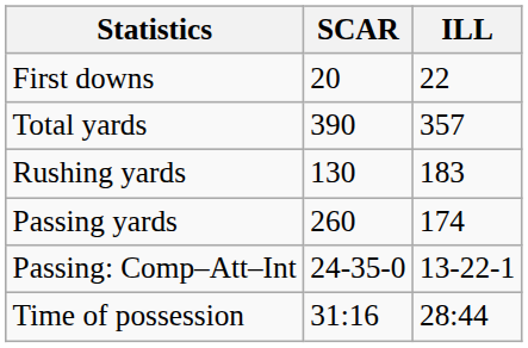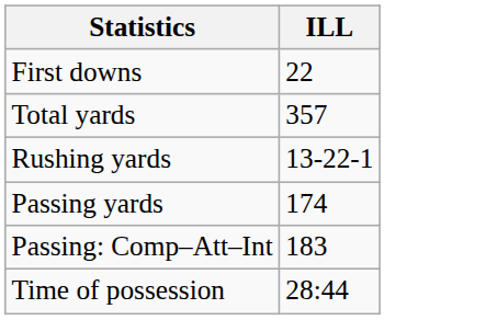 <table class="wikitable" style="float: left;">
 <tr>
 <th>Statistics</th>
-<th>SCAR</th>
 <th>ILL</th>
 </tr>
 <tr>
 <td>First downs</td>
-<td>20</td>
 <td>22</td>
 </tr>
 <tr>
 <td>Total yards</td>
-<td>390</td>
 <td>357</td>
 </tr>
 <tr>
 <td>Rushing yards</td>
-<td>130</td>
-<td>183</td>
+<td>13-22-1</td>
 </tr>
 <tr>
 <td>Passing yards</td>
-<td>260</td>
 <td>174</td>
 </tr>
 <tr>
 <td>Passing: Comp–Att–Int</td>
-<td>24-35-0</td>
-<td>13-22-1</td>
+<td>183</td>
 </tr>
 <tr>
 <td>Time of possession</td>
-<td>31:16</td>
 <td>28:44</td>
 </tr>
 </table>
